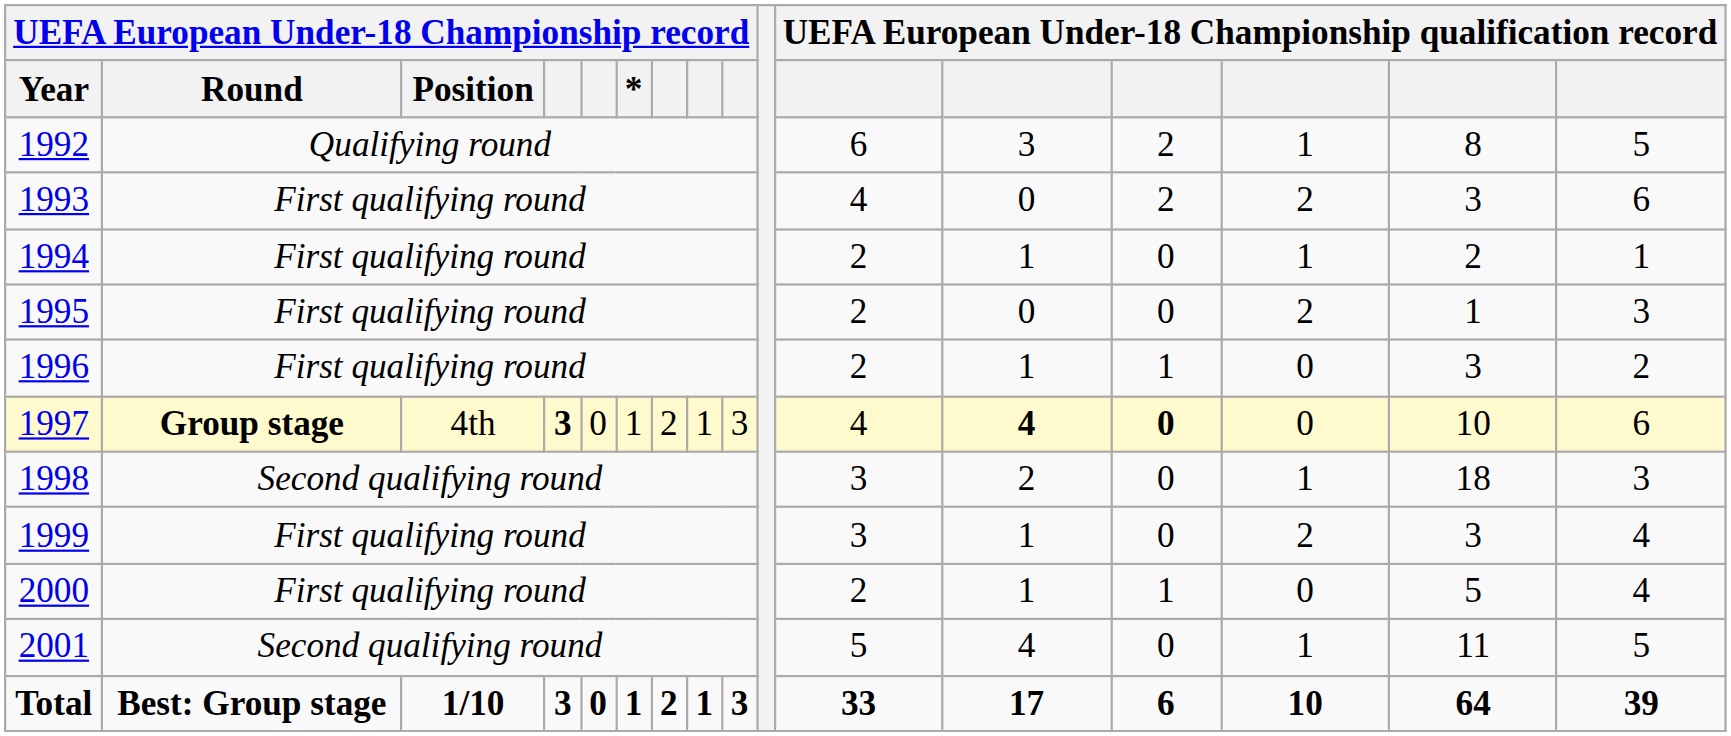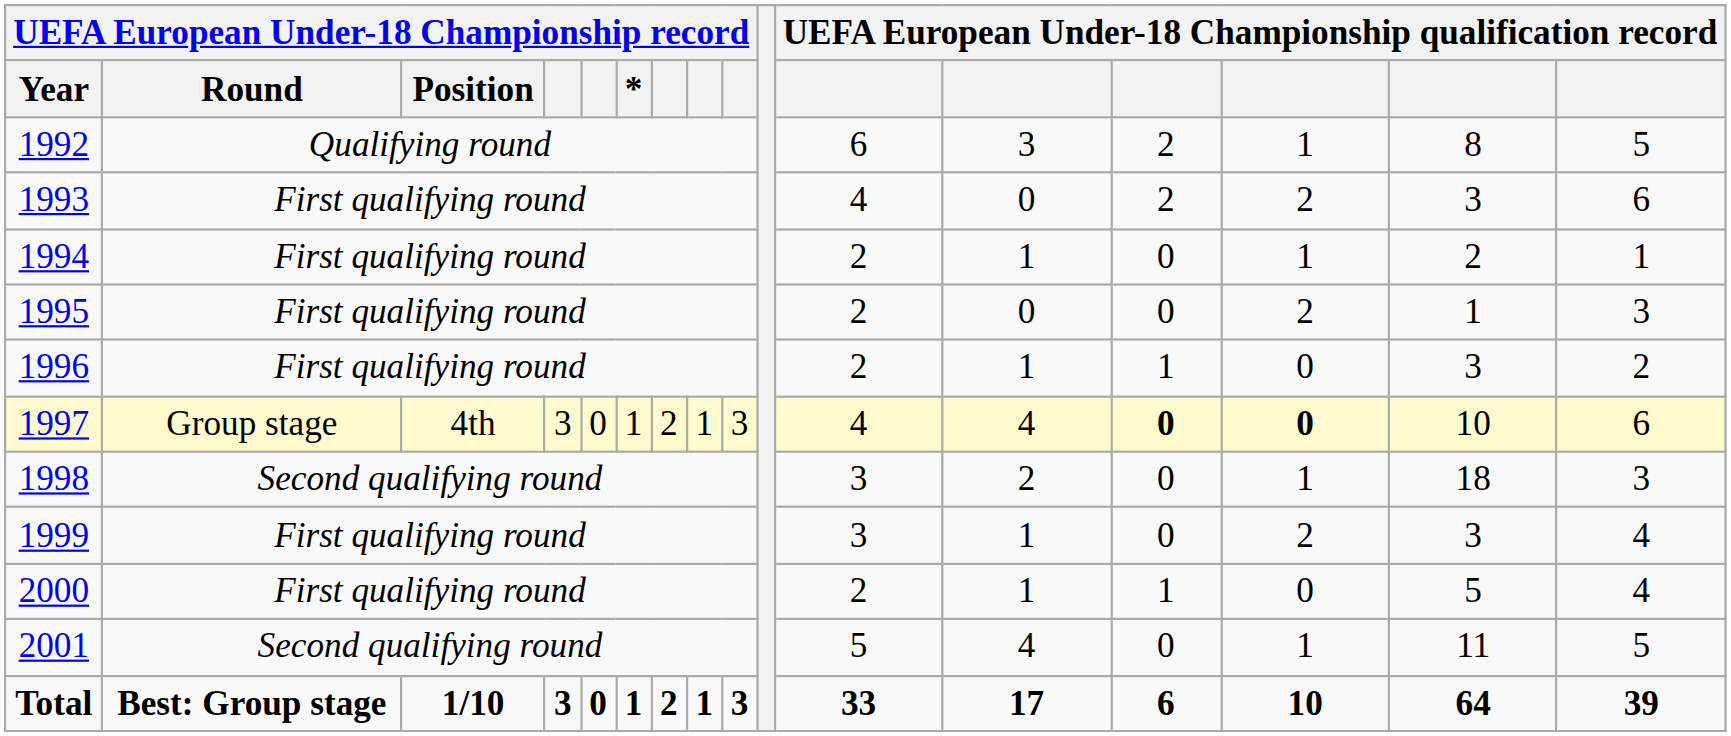 <table class="wikitable" style="text-align: center;">
 <tr>
 <th colspan=9><a href='#'>UEFA European Under-18 Championship record</a></th>
 <th width=1% rowspan=46></th>
 <th colspan=6>UEFA European Under-18 Championship qualification record</th>
 </tr>
 <tr>
 <th>Year</th>
 <th>Round</th>
 <th>Position</th>
 <th></th>
 <th></th>
 <th> *</th>
 <th></th>
 <th></th>
 <th></th>
 <th></th>
 <th></th>
 <th></th>
 <th></th>
 <th></th>
 <th></th>
 </tr>
 <tr>
 <td> <a href='#'>1992</a></td>
 <td colspan="8"><em>Qualifying round</em></td>
 <td>6</td>
 <td>3</td>
 <td>2</td>
 <td>1</td>
 <td>8</td>
 <td>5</td>
 </tr>
 <tr>
 <td> <a href='#'>1993</a></td>
 <td colspan="8"><em>First qualifying round</em></td>
 <td>4</td>
 <td>0</td>
 <td>2</td>
 <td>2</td>
 <td>3</td>
 <td>6</td>
 </tr>
 <tr>
 <td> <a href='#'>1994</a></td>
 <td colspan="8"><em>First qualifying round</em></td>
 <td>2</td>
 <td>1</td>
 <td>0</td>
 <td>1</td>
 <td>2</td>
 <td>1</td>
 </tr>
 <tr>
 <td> <a href='#'>1995</a></td>
 <td colspan="8"><em>First qualifying round</em></td>
 <td>2</td>
 <td>0</td>
 <td>0</td>
 <td>2</td>
 <td>1</td>
 <td>3</td>
 </tr>
 <tr>
 <td> <a href='#'>1996</a></td>
 <td colspan="8"><em>First qualifying round</em></td>
 <td>2</td>
 <td>1</td>
 <td>1</td>
 <td>0</td>
 <td>3</td>
 <td>2</td>
 </tr>
 <tr bgcolor=LemonChiffon>
 <td> <a href='#'>1997</a></td>
-<td><strong>Group stage</strong></td>
+<td>Group stage</td>
 <td>4th</td>
-<td><strong>3</strong></td>
+<td>3</td>
 <td>0</td>
 <td>1</td>
 <td>2</td>
 <td>1</td>
 <td>3</td>
 <td>4</td>
-<td><strong>4</strong></td>
+<td>4</td>
 <td><strong>0</strong></td>
-<td>0</td>
+<td><strong>0</strong></td>
 <td>10</td>
 <td>6</td>
 </tr>
 <tr>
 <td> <a href='#'>1998</a></td>
 <td colspan="8"><em>Second qualifying round</em></td>
 <td>3</td>
 <td>2</td>
 <td>0</td>
 <td>1</td>
 <td>18</td>
 <td>3</td>
 </tr>
 <tr>
 <td> <a href='#'>1999</a></td>
 <td colspan="8"><em>First qualifying round</em></td>
 <td>3</td>
 <td>1</td>
 <td>0</td>
 <td>2</td>
 <td>3</td>
 <td>4</td>
 </tr>
 <tr>
 <td> <a href='#'>2000</a></td>
 <td colspan="8"><em>First qualifying round</em></td>
 <td>2</td>
 <td>1</td>
 <td>1</td>
 <td>0</td>
 <td>5</td>
 <td>4</td>
 </tr>
 <tr>
 <td> <a href='#'>2001</a></td>
 <td colspan="8"><em>Second qualifying round</em></td>
 <td>5</td>
 <td>4</td>
 <td>0</td>
 <td>1</td>
 <td>11</td>
 <td>5</td>
 </tr>
 <tr>
 <td><strong>Total</strong></td>
 <td><strong>Best: Group stage</strong></td>
 <td><strong>1/10</strong></td>
 <td><strong>3</strong></td>
 <td><strong>0</strong></td>
 <td><strong>1</strong></td>
 <td><strong>2</strong></td>
 <td><strong>1</strong></td>
 <td><strong>3</strong></td>
 <td><strong>33</strong></td>
 <td><strong>17</strong></td>
 <td><strong>6</strong></td>
 <td><strong>10</strong></td>
 <td><strong>64</strong></td>
 <td><strong>39</strong></td>
 </tr>
 </table>
